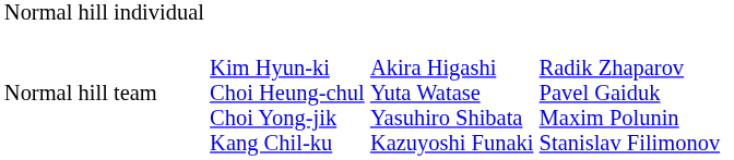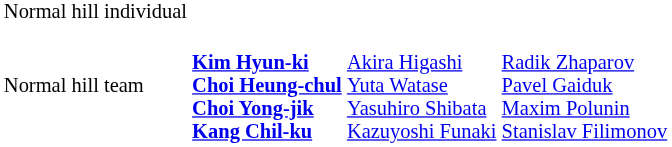 <table>
 <tr>
 <td>Normal hill individual<br></td>
 <td></td>
 <td></td>
 <td></td>
 </tr>
 <tr>
 <td>Normal hill team<br></td>
-<td><br><a href='#'>Kim Hyun-ki</a><br><a href='#'>Choi Heung-chul</a><br><a href='#'>Choi Yong-jik</a><br><a href='#'>Kang Chil-ku</a></td>
+<td><strong><br><a href='#'>Kim Hyun-ki</a><br><a href='#'>Choi Heung-chul</a><br><a href='#'>Choi Yong-jik</a><br><a href='#'>Kang Chil-ku</a></strong></td>
 <td><br><a href='#'>Akira Higashi</a><br><a href='#'>Yuta Watase</a><br><a href='#'>Yasuhiro Shibata</a><br><a href='#'>Kazuyoshi Funaki</a></td>
 <td><br><a href='#'>Radik Zhaparov</a><br><a href='#'>Pavel Gaiduk</a><br><a href='#'>Maxim Polunin</a><br><a href='#'>Stanislav Filimonov</a></td>
 </tr>
 </table>
